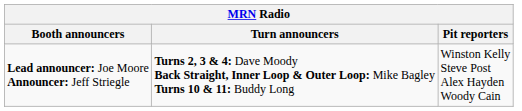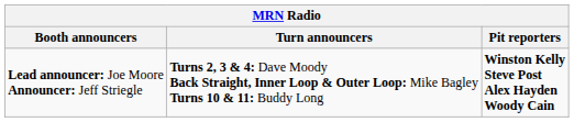 <table class="wikitable" style="font-size: 95%;">
 <tr>
 <th colspan="3"><a href='#'>MRN</a> Radio</th>
 </tr>
 <tr>
 <th>Booth announcers</th>
 <th>Turn announcers</th>
 <th>Pit reporters</th>
 </tr>
 <tr>
 <td><strong>Lead announcer:</strong> Joe Moore<br><strong>Announcer:</strong> Jeff Striegle</td>
 <td><strong>Turns 2, 3 & 4:</strong> Dave Moody<br><strong>Back Straight, Inner Loop & Outer Loop:</strong> Mike Bagley<br><strong>Turns 10 & 11:</strong> Buddy Long</td>
-<td>Winston Kelly<br>Steve Post<br>Alex Hayden<br>Woody Cain</td>
+<td><strong>Winston Kelly<br>Steve Post<br>Alex Hayden<br>Woody Cain</strong></td>
 </tr>
 </table>
